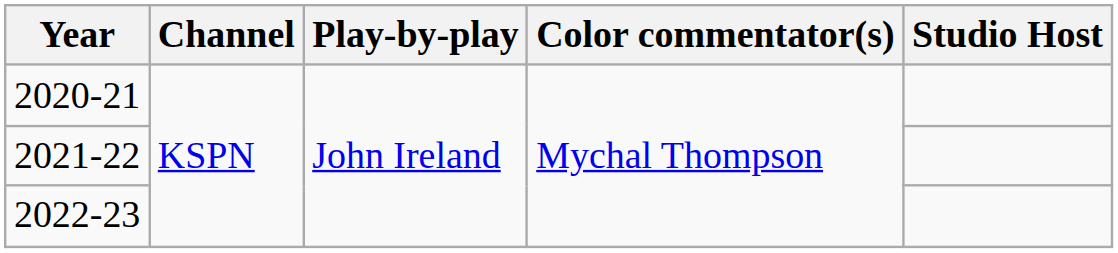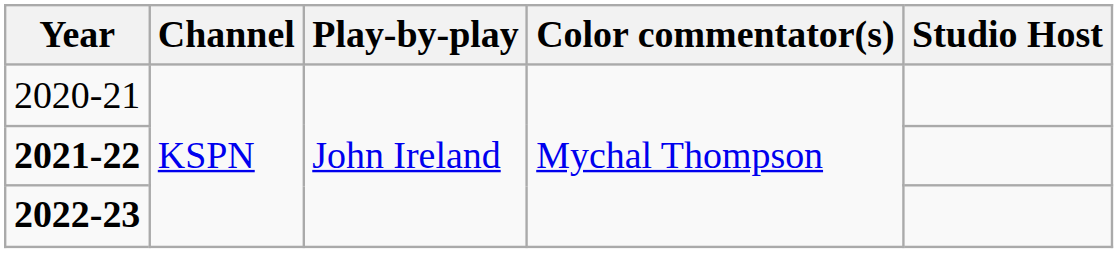 <table class="wikitable">
 <tr>
 <th>Year</th>
 <th>Channel</th>
 <th>Play-by-play</th>
 <th>Color commentator(s)</th>
 <th>Studio Host</th>
 </tr>
 <tr>
 <td>2020-21</td>
 <td rowspan="3"><a href='#'>KSPN</a></td>
 <td rowspan="3"><a href='#'>John Ireland</a></td>
 <td rowspan="3"><a href='#'>Mychal Thompson</a></td>
 <td></td>
 </tr>
 <tr>
-<td>2021-22</td>
+<td><strong>2021-22</strong></td>
 <td></td>
 </tr>
 <tr>
-<td>2022-23</td>
+<td><strong>2022-23</strong></td>
 <td></td>
 </tr>
 </table>
